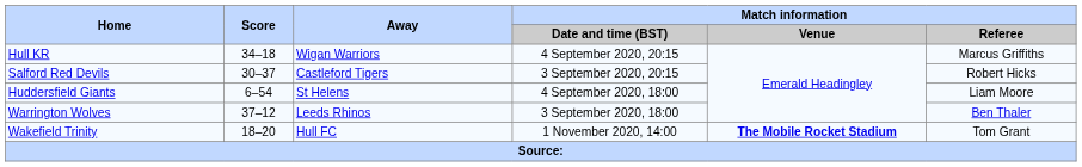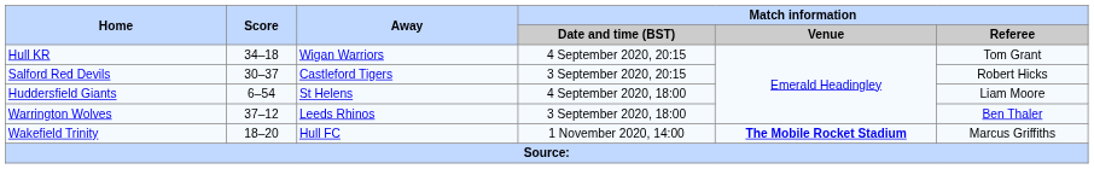 <table border=1 style="border-collapse:collapse; font-size:90%; text-align:center;" cellpadding=3 cellspacing=0 width=100%>
 <tr bgcolor=#C1D8FF>
 <th rowspan=2 width=19%>Home</th>
 <th rowspan=2 width=6%>Score</th>
 <th rowspan=2 width=19%>Away</th>
 <th colspan=4>Match information</th>
 </tr>
 <tr bgcolor=#CCCCCC>
 <th width=17%>Date and time (BST)</th>
 <th width=19%>Venue</th>
 <th width=13%>Referee</th>
 </tr>
 <tr bgcolor=#F5FAFF>
 <td align=left> <a href='#'>Hull KR</a></td>
 <td>34–18</td>
 <td align=left> <a href='#'>Wigan Warriors</a></td>
 <td>4 September 2020, 20:15</td>
 <td Rowspan=4><a href='#'>Emerald Headingley</a></td>
-<td>Marcus Griffiths</td>
+<td>Tom Grant</td>
 </tr>
 <tr bgcolor=#F5FAFF>
 <td align=left> <a href='#'>Salford Red Devils</a></td>
 <td>30–37</td>
 <td align=left> <a href='#'>Castleford Tigers</a></td>
 <td>3 September 2020, 20:15</td>
 <td>Robert Hicks</td>
 </tr>
 <tr bgcolor=#F5FAFF>
 <td align=left> <a href='#'>Huddersfield Giants</a></td>
 <td>6–54</td>
 <td align=left> <a href='#'>St Helens</a></td>
 <td>4 September 2020, 18:00</td>
 <td>Liam Moore</td>
 </tr>
 <tr bgcolor=#F5FAFF>
 <td align=left> <a href='#'>Warrington Wolves</a></td>
 <td>37–12</td>
 <td align=left> <a href='#'>Leeds Rhinos</a></td>
 <td>3 September 2020, 18:00</td>
 <td><a href='#'>Ben Thaler</a></td>
 </tr>
 <tr bgcolor=#F5FAFF>
 <td align=left> <a href='#'>Wakefield Trinity</a></td>
 <td>18–20</td>
 <td align=left> <a href='#'>Hull FC</a></td>
 <td>1 November 2020, 14:00</td>
 <td><strong><a href='#'>The Mobile Rocket Stadium</a></strong></td>
-<td>Tom Grant</td>
+<td>Marcus Griffiths</td>
 </tr>
 <tr style="background:#c1d8ff;">
 <th colspan=7>Source:</th>
 </tr>
 </table>
